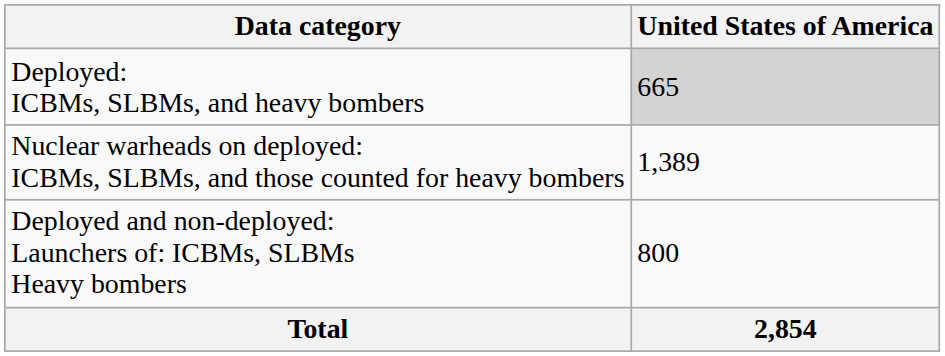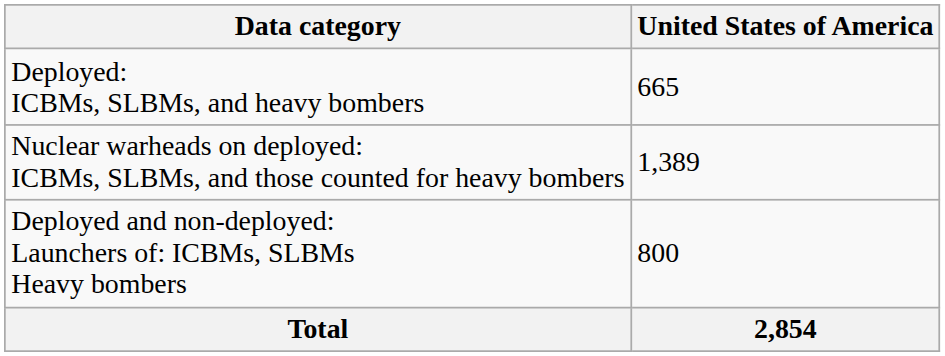 <table class="wikitable">
 <tr>
 <th>Data category</th>
 <th>United States of America</th>
 </tr>
 <tr>
 <td>Deployed:<br>ICBMs, SLBMs, and heavy bombers</td>
-<td style="background: lightgrey;">665</td>
+<td>665</td>
 </tr>
 <tr>
 <td>Nuclear warheads on deployed:<br>ICBMs, SLBMs, and those counted for heavy bombers</td>
 <td>1,389</td>
 </tr>
 <tr>
 <td>Deployed and non-deployed:<br>Launchers of: ICBMs, SLBMs<br>Heavy bombers</td>
 <td>800</td>
 </tr>
 <tr>
 <th>Total</th>
 <th>2,854</th>
 </tr>
 </table>
